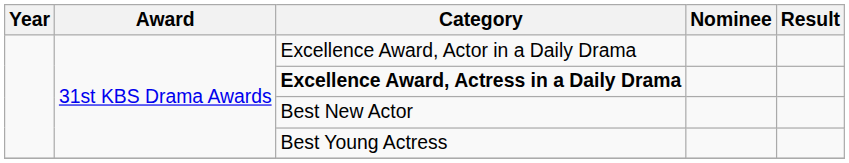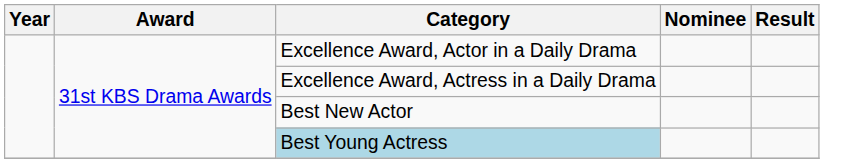 <table class="wikitable">
 <tr>
 <th>Year</th>
 <th>Award</th>
 <th>Category</th>
 <th>Nominee</th>
 <th>Result</th>
 </tr>
 <tr>
 <td rowspan="4"></td>
 <td rowspan="4"><a href='#'>31st KBS Drama Awards</a></td>
 <td>Excellence Award, Actor in a Daily Drama</td>
 <td></td>
 <td></td>
 </tr>
 <tr>
-<td><strong>Excellence Award, Actress in a Daily Drama</strong></td>
+<td>Excellence Award, Actress in a Daily Drama</td>
 <td></td>
 <td></td>
 </tr>
 <tr>
 <td>Best New Actor</td>
 <td></td>
 <td></td>
 </tr>
 <tr>
-<td>Best Young Actress</td>
+<td style="background: lightblue;">Best Young Actress</td>
 <td></td>
 <td></td>
 </tr>
 <tr>
 </tr>
 </table>
